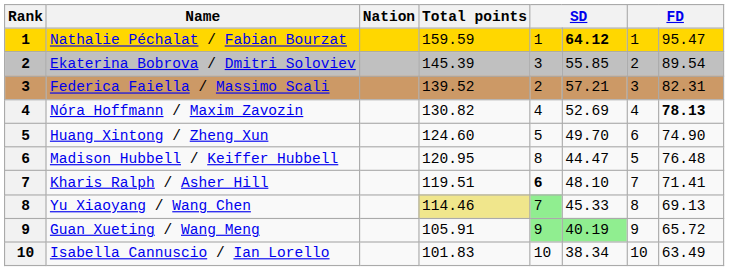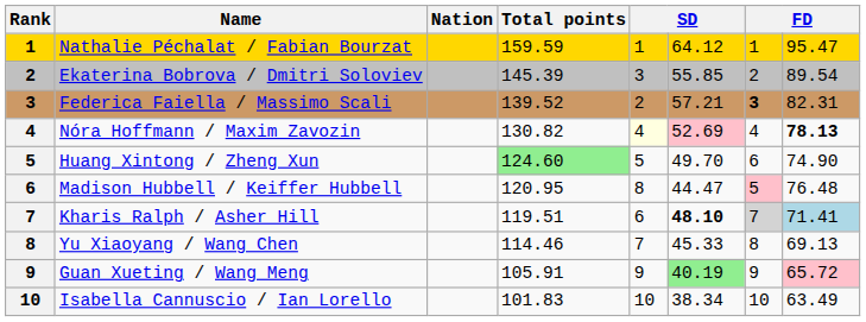 <table class="wikitable sortable">
 <tr>
 <th>Rank</th>
 <th>Name</th>
 <th>Nation</th>
 <th>Total points</th>
 <th colspan="2" width="80px"><a href='#'>SD</a></th>
 <th colspan="2" width="80px"><a href='#'>FD</a></th>
 </tr>
 <tr bgcolor="gold">
 <td align="center"><strong>1</strong></td>
 <td><a href='#'>Nathalie Péchalat</a> / <a href='#'>Fabian Bourzat</a></td>
 <td></td>
 <td>159.59</td>
 <td>1</td>
-<td><strong>64.12</strong></td>
+<td>64.12</td>
 <td>1</td>
 <td>95.47</td>
 </tr>
 <tr bgcolor="silver">
 <td align="center"><strong>2</strong></td>
 <td><a href='#'>Ekaterina Bobrova</a> / <a href='#'>Dmitri Soloviev</a></td>
 <td></td>
 <td>145.39</td>
 <td>3</td>
 <td>55.85</td>
 <td>2</td>
 <td>89.54</td>
 </tr>
 <tr bgcolor="cc9966">
 <td align="center"><strong>3</strong></td>
 <td><a href='#'>Federica Faiella</a> / <a href='#'>Massimo Scali</a></td>
 <td></td>
 <td>139.52</td>
 <td>2</td>
 <td>57.21</td>
-<td>3</td>
+<td><strong>3</strong></td>
 <td>82.31</td>
 </tr>
 <tr>
 <th>4</th>
 <td><a href='#'>Nóra Hoffmann</a> / <a href='#'>Maxim Zavozin</a></td>
 <td></td>
 <td>130.82</td>
-<td>4</td>
-<td>52.69</td>
+<td style="background: lightyellow;">4</td>
+<td style="background: pink;">52.69</td>
 <td>4</td>
 <td><strong>78.13</strong></td>
 </tr>
 <tr>
 <th>5</th>
 <td><a href='#'>Huang Xintong</a> / <a href='#'>Zheng Xun</a></td>
 <td></td>
-<td>124.60</td>
+<td style="background: lightgreen;">124.60</td>
 <td>5</td>
 <td>49.70</td>
 <td>6</td>
 <td>74.90</td>
 </tr>
 <tr>
 <th>6</th>
 <td><a href='#'>Madison Hubbell</a> / <a href='#'>Keiffer Hubbell</a></td>
 <td></td>
 <td>120.95</td>
 <td>8</td>
 <td>44.47</td>
-<td>5</td>
+<td style="background: pink;">5</td>
 <td>76.48</td>
 </tr>
 <tr>
 <th>7</th>
 <td><a href='#'>Kharis Ralph</a> / <a href='#'>Asher Hill</a></td>
 <td></td>
 <td>119.51</td>
-<td><strong>6</strong></td>
-<td>48.10</td>
-<td>7</td>
-<td>71.41</td>
+<td>6</td>
+<td><strong>48.10</strong></td>
+<td style="background: lightgrey;">7</td>
+<td style="background: lightblue;">71.41</td>
 </tr>
 <tr>
 <th>8</th>
 <td><a href='#'>Yu Xiaoyang</a> / <a href='#'>Wang Chen</a></td>
 <td></td>
-<td style="background: khaki;">114.46</td>
-<td style="background: lightgreen;">7</td>
+<td>114.46</td>
+<td>7</td>
 <td>45.33</td>
 <td>8</td>
 <td>69.13</td>
 </tr>
 <tr>
 <th>9</th>
 <td><a href='#'>Guan Xueting</a> / <a href='#'>Wang Meng</a></td>
 <td></td>
 <td>105.91</td>
-<td style="background: lightgreen;">9</td>
+<td>9</td>
 <td style="background: lightgreen;">40.19</td>
 <td>9</td>
-<td>65.72</td>
+<td style="background: pink;">65.72</td>
 </tr>
 <tr>
 <th>10</th>
 <td><a href='#'>Isabella Cannuscio</a> / <a href='#'>Ian Lorello</a></td>
 <td></td>
 <td>101.83</td>
 <td>10</td>
 <td>38.34</td>
 <td>10</td>
 <td>63.49</td>
 </tr>
 </table>
